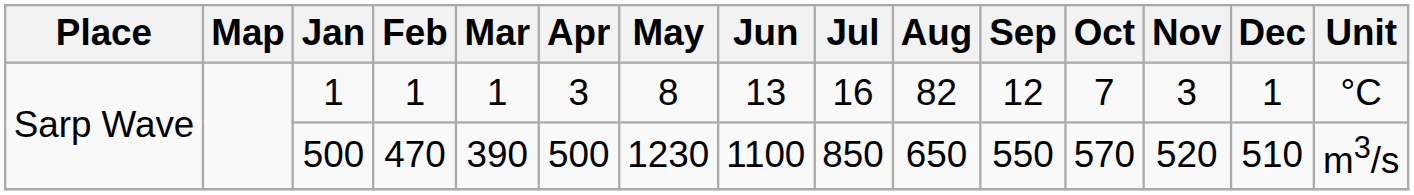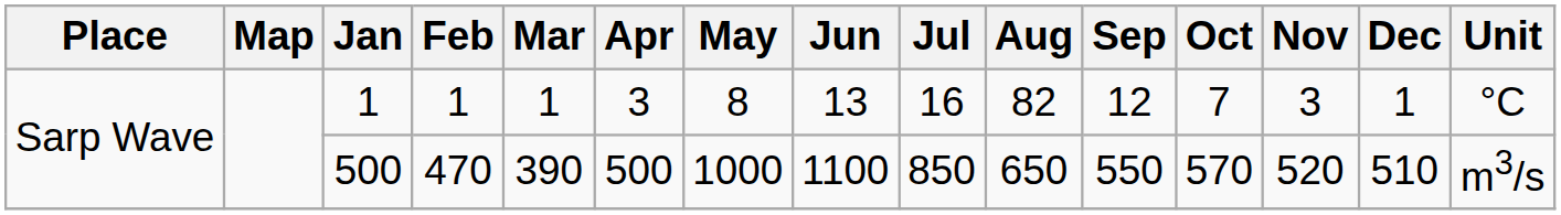 <table class="wikitable" style="text-align: center;">
 <tr>
 <th>Place</th>
 <th>Map</th>
 <th>Jan</th>
 <th>Feb</th>
 <th>Mar</th>
 <th>Apr</th>
 <th>May</th>
 <th>Jun</th>
 <th>Jul</th>
 <th>Aug</th>
 <th>Sep</th>
 <th>Oct</th>
 <th>Nov</th>
 <th>Dec</th>
 <th>Unit</th>
 </tr>
 <tr>
 <td rowspan="2">Sarp Wave</td>
 <td rowspan="2"></td>
 <td>1</td>
 <td>1</td>
 <td>1</td>
 <td>3</td>
 <td>8</td>
 <td>13</td>
 <td>16</td>
 <td>82</td>
 <td>12</td>
 <td>7</td>
 <td>3</td>
 <td>1</td>
 <td>°C</td>
 </tr>
 <tr>
 <td>500</td>
 <td>470</td>
 <td>390</td>
 <td>500</td>
-<td>1230</td>
+<td>1000</td>
 <td>1100</td>
 <td>850</td>
 <td>650</td>
 <td>550</td>
 <td>570</td>
 <td>520</td>
 <td>510</td>
 <td>m<sup>3</sup>/s</td>
 </tr>
 <tr>
 </tr>
 </table>
